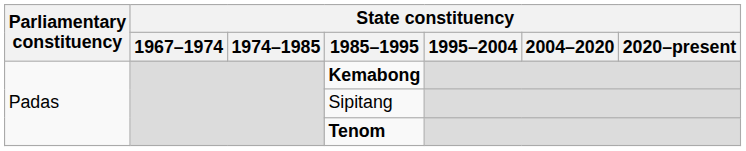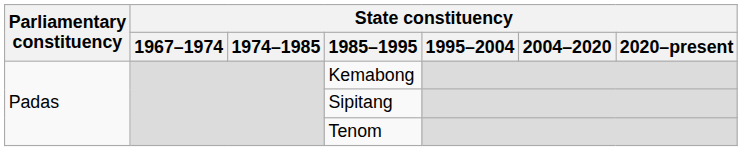 <table class=wikitable>
 <tr>
 <th rowspan=2>Parliamentary<br>constituency</th>
 <th colspan=6>State constituency</th>
 </tr>
 <tr>
 <th>1967–1974</th>
 <th>1974–1985</th>
 <th>1985–1995</th>
 <th>1995–2004</th>
 <th>2004–2020</th>
 <th>2020–present</th>
 </tr>
 <tr>
 <td rowspan=3>Padas</td>
 <td rowspan=3 colspan=2 bgcolor=dcdcdc></td>
-<td><strong>Kemabong</strong></td>
+<td>Kemabong</td>
 <td colspan=3 bgcolor=dcdcdc></td>
 </tr>
 <tr>
 <td>Sipitang</td>
 <td colspan=3 bgcolor=dcdcdc></td>
 </tr>
 <tr>
-<td><strong>Tenom</strong></td>
+<td>Tenom</td>
 <td colspan=3 bgcolor=dcdcdc></td>
 </tr>
 </table>
